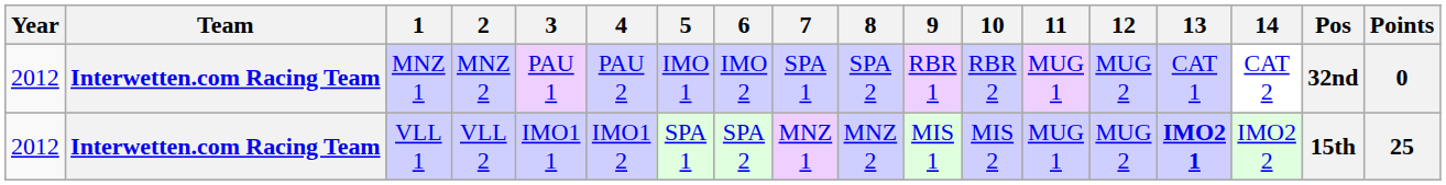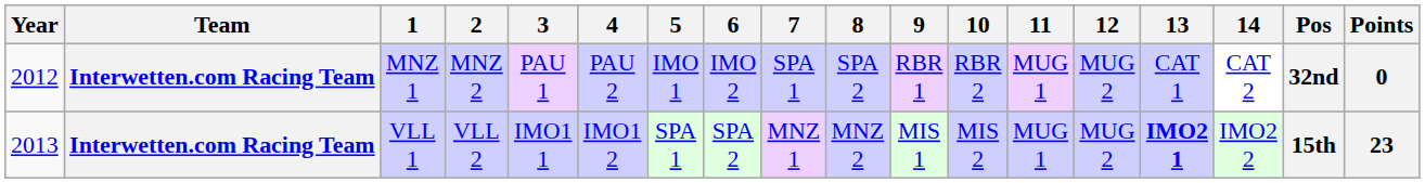 <table class="wikitable" style="text-align:center; font-size:85%">
 <tr>
 <th>Year</th>
 <th>Team</th>
 <th>1</th>
 <th>2</th>
 <th>3</th>
 <th>4</th>
 <th>5</th>
 <th>6</th>
 <th>7</th>
 <th>8</th>
 <th>9</th>
 <th>10</th>
 <th>11</th>
 <th>12</th>
 <th>13</th>
 <th>14</th>
 <th>Pos</th>
 <th>Points</th>
 </tr>
 <tr>
 <td><a href='#'>2012</a></td>
 <th nowrap><a href='#'>Interwetten.com Racing Team</a></th>
 <td style="background:#CFCFFF;"><a href='#'>MNZ<br>1</a><br></td>
 <td style="background:#CFCFFF;"><a href='#'>MNZ<br>2</a><br></td>
 <td style="background:#EFCFFF;"><a href='#'>PAU<br>1</a><br></td>
 <td style="background:#CFCFFF;"><a href='#'>PAU<br>2</a><br></td>
 <td style="background:#CFCFFF;"><a href='#'>IMO<br>1</a><br></td>
 <td style="background:#CFCFFF;"><a href='#'>IMO<br>2</a><br></td>
 <td style="background:#CFCFFF;"><a href='#'>SPA<br>1</a><br></td>
 <td style="background:#CFCFFF;"><a href='#'>SPA<br>2</a><br></td>
 <td style="background:#EFCFFF;"><a href='#'>RBR<br>1</a><br></td>
 <td style="background:#CFCFFF;"><a href='#'>RBR<br>2</a><br></td>
 <td style="background:#EFCFFF;"><a href='#'>MUG<br>1</a><br></td>
 <td style="background:#CFCFFF;"><a href='#'>MUG<br>2</a><br></td>
 <td style="background:#CFCFFF;"><a href='#'>CAT<br>1</a><br></td>
 <td style="background:#FFFFFF;"><a href='#'>CAT<br>2</a><br></td>
 <th>32nd</th>
 <th>0</th>
 </tr>
 <tr>
-<td><a href='#'>2012</a></td>
+<td><a href='#'>2013</a></td>
 <th nowrap><a href='#'>Interwetten.com Racing Team</a></th>
 <td style="background:#CFCFFF;"><a href='#'>VLL<br>1</a><br></td>
 <td style="background:#CFCFFF;"><a href='#'>VLL<br>2</a><br></td>
 <td style="background:#CFCFFF;"><a href='#'>IMO1<br>1</a><br></td>
 <td style="background:#CFCFFF;"><a href='#'>IMO1<br>2</a><br></td>
 <td style="background:#DFFFDF;"><a href='#'>SPA<br>1</a><br></td>
 <td style="background:#DFFFDF;"><a href='#'>SPA<br>2</a><br></td>
 <td style="background:#EFCFFF;"><a href='#'>MNZ<br>1</a><br></td>
 <td style="background:#CFCFFF;"><a href='#'>MNZ<br>2</a><br></td>
 <td style="background:#DFFFDF;"><a href='#'>MIS<br>1</a><br></td>
 <td style="background:#CFCFFF;"><a href='#'>MIS<br>2</a><br></td>
 <td style="background:#CFCFFF;"><a href='#'>MUG<br>1</a><br></td>
 <td style="background:#CFCFFF;"><a href='#'>MUG<br>2</a><br></td>
 <td style="background:#CFCFFF;"><strong><a href='#'>IMO2<br>1</a><br></strong></td>
 <td style="background:#DFFFDF;"><a href='#'>IMO2<br>2</a><br></td>
 <th>15th</th>
-<th>25</th>
+<th>23</th>
 </tr>
 </table>
